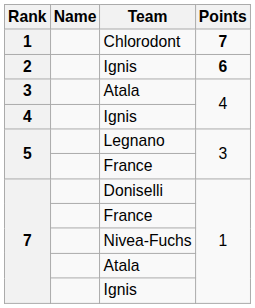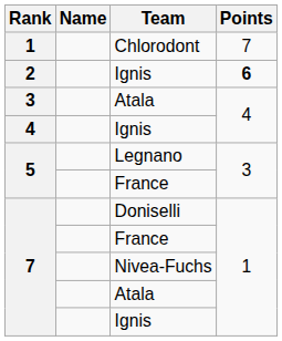 <table class="wikitable">
 <tr>
 <th>Rank</th>
 <th>Name</th>
 <th>Team</th>
 <th>Points</th>
 </tr>
 <tr>
 <th style="text-align:center">1</th>
 <td></td>
 <td>Chlorodont</td>
-<td style="text-align:center"><strong>7</strong></td>
+<td style="text-align:center">7</td>
 </tr>
 <tr>
 <th style="text-align:center">2</th>
 <td></td>
 <td>Ignis</td>
 <td style="text-align:center"><strong>6</strong></td>
 </tr>
 <tr>
 <th style="text-align:center">3</th>
 <td></td>
 <td>Atala</td>
 <td style="text-align:center" rowspan="2">4</td>
 </tr>
 <tr>
 <th style="text-align:center">4</th>
 <td></td>
 <td>Ignis</td>
 </tr>
 <tr>
 <th style="text-align:center" rowspan="2">5</th>
 <td></td>
 <td>Legnano</td>
 <td style="text-align:center" rowspan="2">3</td>
 </tr>
 <tr>
 <td></td>
 <td>France</td>
 </tr>
 <tr>
 <th style="text-align:center" rowspan="5">7</th>
 <td></td>
 <td>Doniselli</td>
 <td style="text-align:center" rowspan="5">1</td>
 </tr>
 <tr>
 <td></td>
 <td>France</td>
 </tr>
 <tr>
 <td></td>
 <td>Nivea-Fuchs</td>
 </tr>
 <tr>
 <td></td>
 <td>Atala</td>
 </tr>
 <tr>
 <td></td>
 <td>Ignis</td>
 </tr>
 </table>
